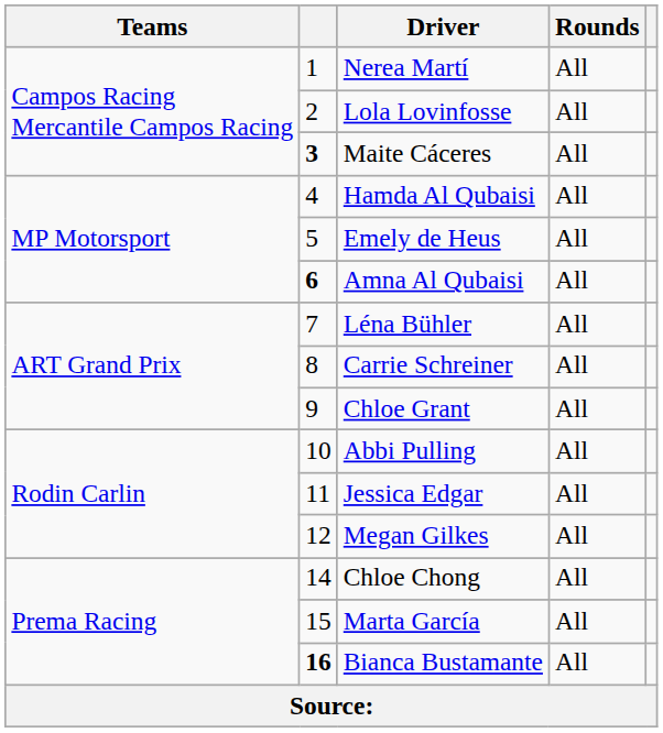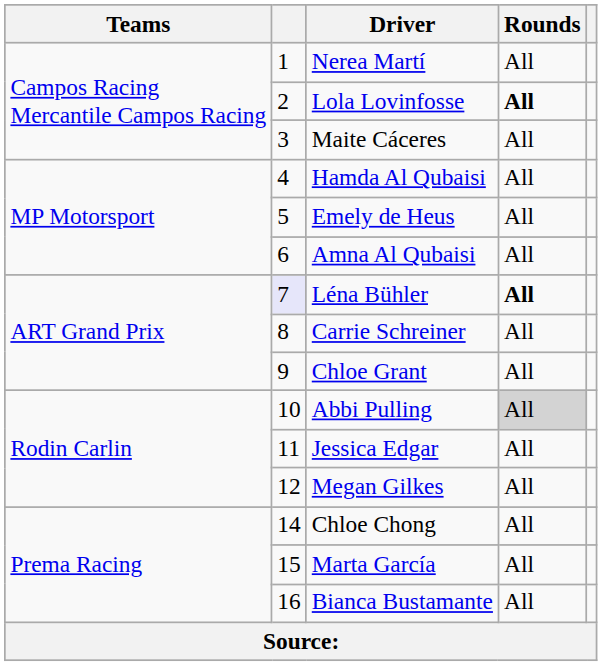 <table class="wikitable" style="font-size: 85%;">
 <tr>
 <th>Teams</th>
 <th></th>
 <th>Driver</th>
 <th>Rounds</th>
 <th></th>
 </tr>
 <tr>
 <td nowrap rowspan=3> <a href='#'>Campos Racing</a> <br>  <a href='#'>Mercantile Campos Racing</a></td>
 <td>1</td>
 <td> <a href='#'>Nerea Martí</a></td>
 <td>All</td>
 <td align=center></td>
 </tr>
 <tr>
 <td>2</td>
 <td> <a href='#'>Lola Lovinfosse</a></td>
-<td>All</td>
+<td><strong>All</strong></td>
 <td align=center></td>
 </tr>
 <tr>
-<td><strong>3</strong></td>
+<td>3</td>
 <td> Maite Cáceres</td>
 <td>All</td>
 <td align=center></td>
 </tr>
 <tr>
 <td rowspan=3> <a href='#'>MP Motorsport</a></td>
 <td>4</td>
 <td> <a href='#'>Hamda Al Qubaisi</a></td>
 <td>All</td>
 <td align=center></td>
 </tr>
 <tr>
 <td>5</td>
 <td> <a href='#'>Emely de Heus</a></td>
 <td>All</td>
 <td align=center></td>
 </tr>
 <tr>
-<td><strong>6</strong></td>
+<td>6</td>
 <td> <a href='#'>Amna Al Qubaisi</a></td>
 <td>All</td>
 <td align=center></td>
 </tr>
 <tr>
 <td rowspan=3> <a href='#'>ART Grand Prix</a></td>
-<td>7</td>
+<td style="background: lavender;">7</td>
 <td> <a href='#'>Léna Bühler</a></td>
-<td>All</td>
+<td><strong>All</strong></td>
 <td align=center></td>
 </tr>
 <tr>
 <td>8</td>
 <td> <a href='#'>Carrie Schreiner</a></td>
 <td>All</td>
 <td align=center></td>
 </tr>
 <tr>
 <td>9</td>
 <td> <a href='#'>Chloe Grant</a></td>
 <td>All</td>
 <td align=center></td>
 </tr>
 <tr>
 <td rowspan=3> <a href='#'>Rodin Carlin</a></td>
 <td>10</td>
 <td> <a href='#'>Abbi Pulling</a></td>
-<td>All</td>
+<td style="background: lightgrey;">All</td>
 <td align=center></td>
 </tr>
 <tr>
 <td>11</td>
 <td> <a href='#'>Jessica Edgar</a></td>
 <td>All</td>
 <td align=center></td>
 </tr>
 <tr>
 <td>12</td>
 <td> <a href='#'>Megan Gilkes</a></td>
 <td>All</td>
 <td align=center></td>
 </tr>
 <tr>
 <td rowspan=3> <a href='#'>Prema Racing</a></td>
 <td>14</td>
 <td> Chloe Chong</td>
 <td>All</td>
 <td align=center></td>
 </tr>
 <tr>
 <td>15</td>
 <td> <a href='#'>Marta García</a></td>
 <td>All</td>
 <td align=center></td>
 </tr>
 <tr>
-<td><strong>16</strong></td>
+<td>16</td>
 <td nowrap> <a href='#'>Bianca Bustamante</a></td>
 <td>All</td>
 <td align=center></td>
 </tr>
 <tr>
 <th colspan="5">Source:</th>
 </tr>
 </table>
